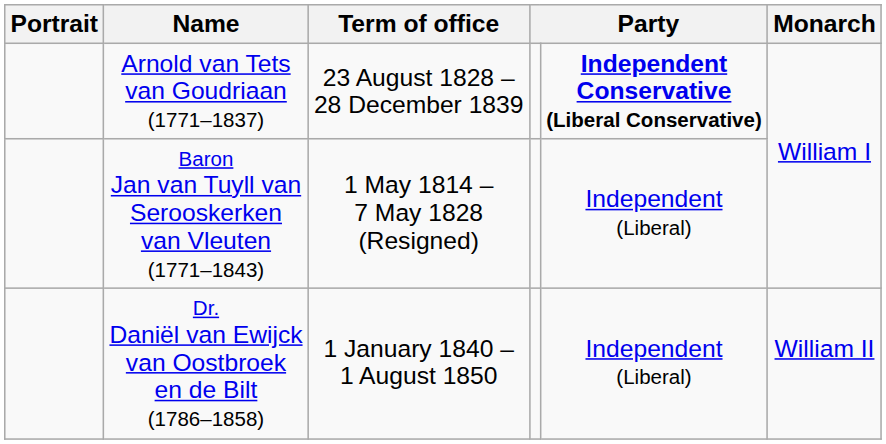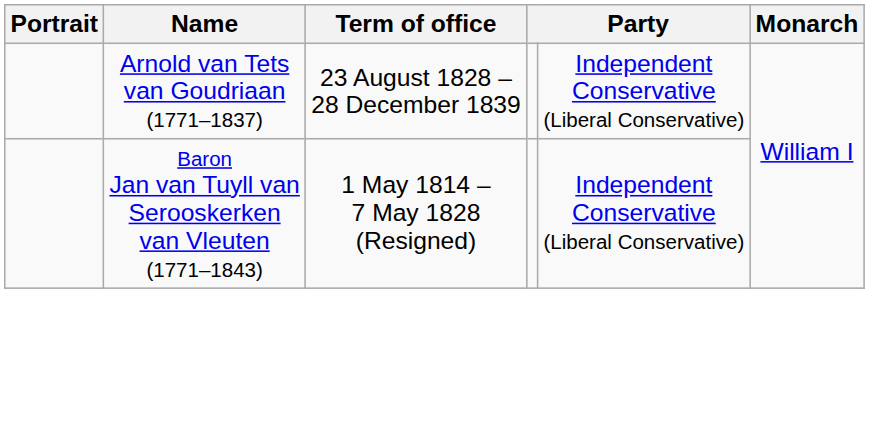 <table class="wikitable" style="text-align:center">
 <tr>
 <th>Portrait</th>
 <th>Name <br> </th>
 <th>Term of office</th>
 <th colspan=2>Party</th>
 <th>Monarch</th>
 </tr>
 <tr>
 <td></td>
 <td><a href='#'>Arnold van Tets <br> van Goudriaan</a> <br> <small>(1771–1837)</small></td>
 <td>23 August 1828 – <br> 28 December 1839</td>
 <td style="background:"></td>
-<td><strong><a href='#'>Independent <br> Conservative</a> <br> <small>(Liberal Conservative)</small></strong></td>
+<td><a href='#'>Independent <br> Conservative</a> <br> <small>(Liberal Conservative)</small></td>
 <td rowspan=2><a href='#'>William I</a><br><br></td>
 </tr>
 <tr>
 <td></td>
 <td><small><a href='#'>Baron</a></small> <br> <a href='#'>Jan van Tuyll van <br> Serooskerken <br>  van Vleuten</a> <br> <small>(1771–1843)</small></td>
 <td>1 May 1814 – <br> 7 May 1828 <br> (Resigned)</td>
 <td style="background:"></td>
-<td><a href='#'>Independent</a> <br> <small>(Liberal)</small></td>
-</tr>
-<tr>
-<td></td>
-<td><small><a href='#'>Dr.</a></small> <br> <a href='#'>Daniël van Ewijck <br> van Oostbroek <br>  en de Bilt</a> <br> <small>(1786–1858)</small></td>
-<td>1 January 1840 – <br> 1 August 1850</td>
-<td style="background:"></td>
-<td><a href='#'>Independent</a> <br> <small>(Liberal)</small></td>
-<td><a href='#'>William II</a><br><br></td>
+<td><a href='#'>Independent <br> Conservative</a> <br> <small>(Liberal Conservative)</small></td>
 </tr>
 </table>
